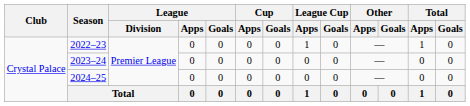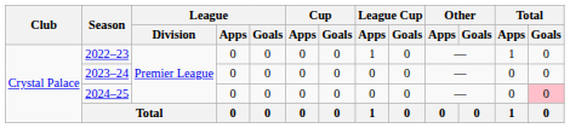 <table class="wikitable" style="text-align: center;">
 <tr>
 <th rowspan="2">Club</th>
 <th rowspan="2">Season</th>
 <th colspan="3">League</th>
 <th colspan="2">Cup</th>
 <th colspan="2">League Cup</th>
 <th colspan="2">Other</th>
 <th colspan="2">Total</th>
 </tr>
 <tr>
 <th>Division</th>
 <th>Apps</th>
 <th>Goals</th>
 <th>Apps</th>
 <th>Goals</th>
 <th>Apps</th>
 <th>Goals</th>
 <th>Apps</th>
 <th>Goals</th>
 <th>Apps</th>
 <th>Goals</th>
 </tr>
 <tr>
 <td rowspan="4"><a href='#'>Crystal Palace</a></td>
 <td><a href='#'>2022–23</a></td>
 <td rowspan="3"><a href='#'>Premier League</a></td>
 <td>0</td>
 <td>0</td>
 <td>0</td>
 <td>0</td>
 <td>1</td>
 <td>0</td>
 <td colspan="2">—</td>
 <td>1</td>
 <td>0</td>
 </tr>
 <tr>
 <td><a href='#'>2023–24</a></td>
 <td>0</td>
 <td>0</td>
 <td>0</td>
 <td>0</td>
 <td>0</td>
 <td>0</td>
 <td colspan="2">—</td>
 <td>0</td>
 <td>0</td>
 </tr>
 <tr>
 <td><a href='#'>2024–25</a></td>
 <td>0</td>
 <td>0</td>
 <td>0</td>
 <td>0</td>
 <td>0</td>
 <td>0</td>
 <td colspan="2">—</td>
 <td>0</td>
-<td>0</td>
+<td style="background: pink;">0</td>
 </tr>
 <tr>
 <th colspan="2">Total</th>
 <th>0</th>
 <th>0</th>
 <th>0</th>
 <th>0</th>
 <th>1</th>
 <th>0</th>
 <th>0</th>
 <th>0</th>
 <th>1</th>
 <th>0</th>
 </tr>
 </table>
